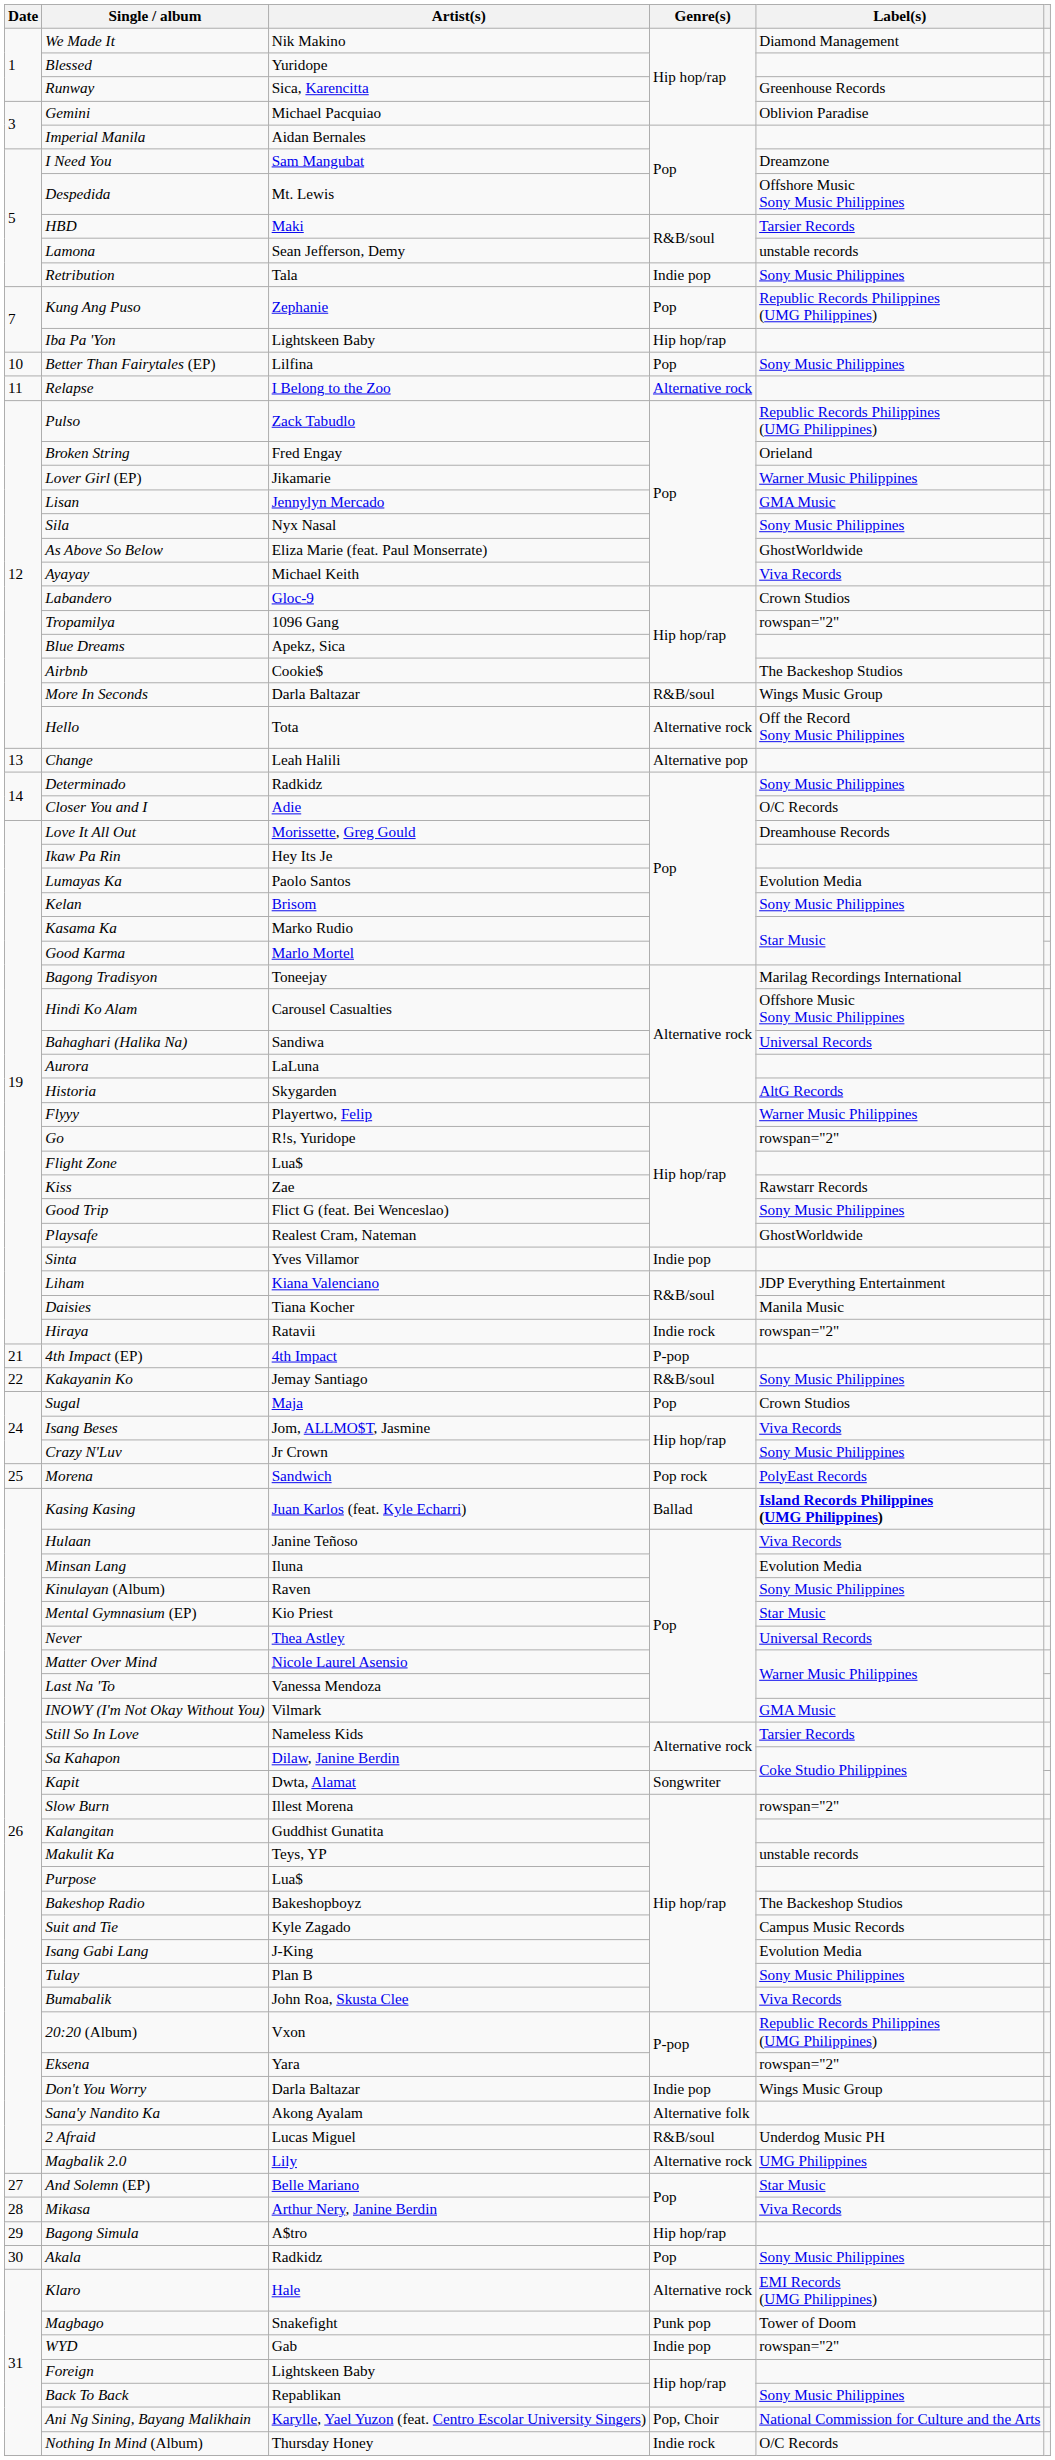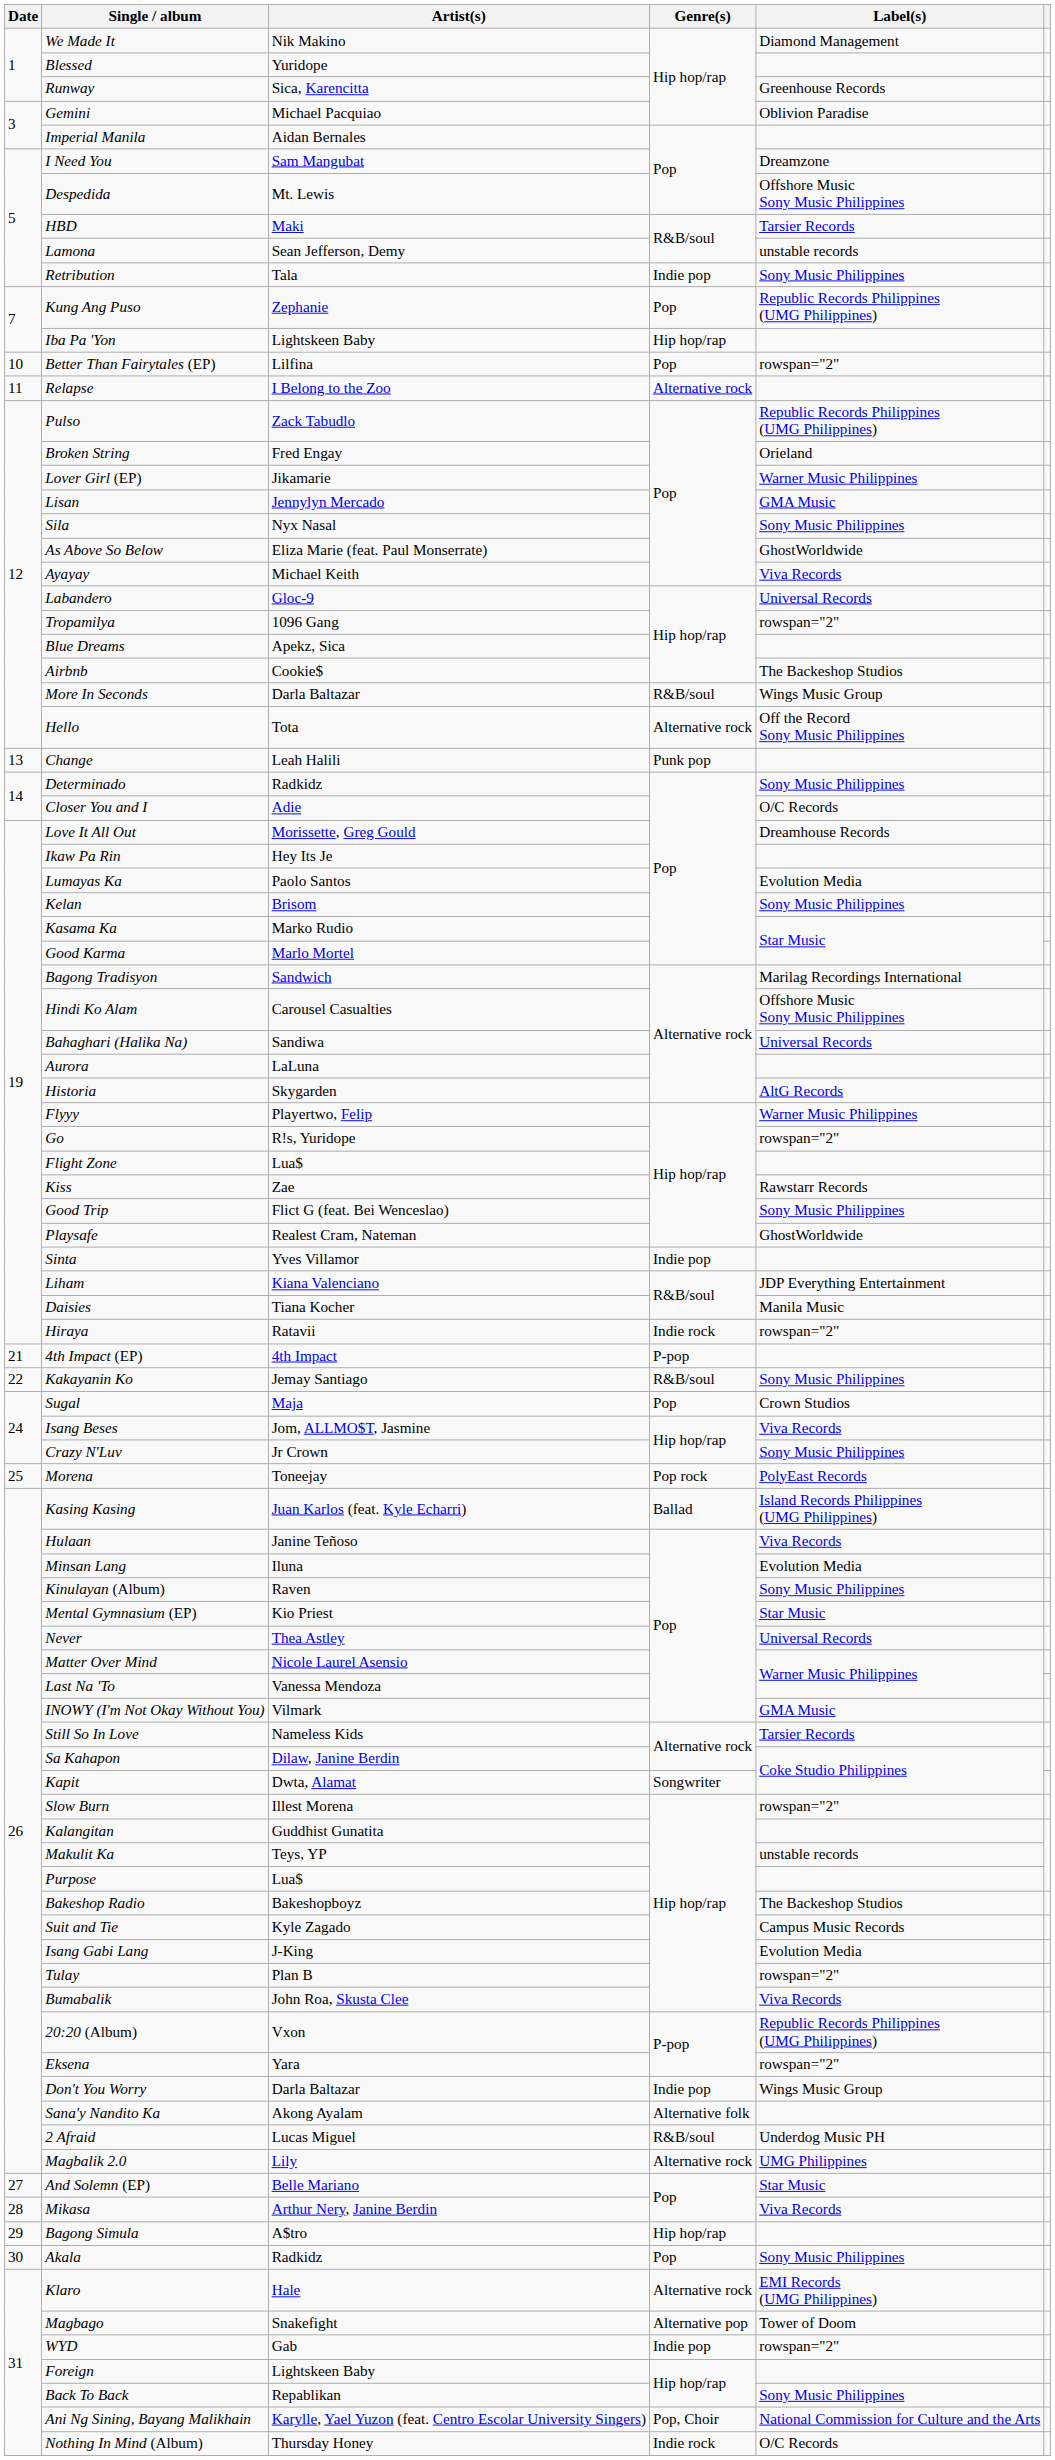 <table class="wikitable">
 <tr>
 <th>Date</th>
 <th>Single / album</th>
 <th>Artist(s)</th>
 <th>Genre(s)</th>
 <th>Label(s)</th>
 <th></th>
 </tr>
 <tr>
 <td rowspan="3">1</td>
 <td><em>We Made It</em></td>
 <td>Nik Makino</td>
 <td rowspan="4">Hip hop/rap</td>
 <td>Diamond Management</td>
 <td></td>
 </tr>
 <tr>
 <td><em>Blessed</em></td>
 <td>Yuridope</td>
 <td></td>
 <td></td>
 </tr>
 <tr>
 <td><em>Runway</em></td>
 <td>Sica, <a href='#'>Karencitta</a></td>
 <td>Greenhouse Records</td>
 <td></td>
 </tr>
 <tr>
 <td rowspan="2">3</td>
 <td><em>Gemini</em></td>
 <td>Michael Pacquiao</td>
 <td>Oblivion Paradise</td>
 <td></td>
 </tr>
 <tr>
 <td><em>Imperial Manila</em></td>
 <td>Aidan Bernales</td>
 <td rowspan="3">Pop</td>
 <td></td>
 <td></td>
 </tr>
 <tr>
 <td rowspan="5">5</td>
 <td><em>I Need You</em></td>
 <td><a href='#'>Sam Mangubat</a></td>
 <td>Dreamzone</td>
 <td></td>
 </tr>
 <tr>
 <td><em>Despedida</em></td>
 <td>Mt. Lewis</td>
 <td>Offshore Music<br><a href='#'>Sony Music Philippines</a></td>
 <td></td>
 </tr>
 <tr>
 <td><em>HBD</em></td>
 <td><a href='#'>Maki</a></td>
 <td rowspan="2">R&B/soul</td>
 <td><a href='#'>Tarsier Records</a></td>
 <td></td>
 </tr>
 <tr>
 <td><em>Lamona</em></td>
 <td>Sean Jefferson, Demy</td>
 <td>unstable records</td>
 <td></td>
 </tr>
 <tr>
 <td><em>Retribution</em></td>
 <td>Tala</td>
 <td>Indie pop</td>
 <td><a href='#'>Sony Music Philippines</a></td>
 <td></td>
 </tr>
 <tr>
 <td rowspan="2">7</td>
 <td><em>Kung Ang Puso</em></td>
 <td><a href='#'>Zephanie</a></td>
 <td>Pop</td>
 <td><a href='#'>Republic Records Philippines</a><br>(<a href='#'>UMG Philippines</a>)</td>
 <td></td>
 </tr>
 <tr>
 <td><em>Iba Pa 'Yon</em></td>
 <td>Lightskeen Baby</td>
 <td>Hip hop/rap</td>
 <td></td>
 <td></td>
 </tr>
 <tr>
 <td>10</td>
 <td><em>Better Than Fairytales</em> (EP)</td>
 <td>Lilfina</td>
 <td>Pop</td>
-<td><a href='#'>Sony Music Philippines</a></td>
+<td>rowspan="2" </td>
 </tr>
 <tr>
 <td>11</td>
 <td><em>Relapse</em></td>
 <td><a href='#'>I Belong to the Zoo</a></td>
 <td><a href='#'>Alternative rock</a></td>
 <td></td>
 <td></td>
 </tr>
 <tr>
 <td rowspan="13">12</td>
 <td><em>Pulso</em></td>
 <td><a href='#'>Zack Tabudlo</a></td>
 <td rowspan="7">Pop</td>
 <td><a href='#'>Republic Records Philippines</a><br>(<a href='#'>UMG Philippines</a>)</td>
 <td></td>
 </tr>
 <tr>
 <td><em>Broken String</em></td>
 <td>Fred Engay</td>
 <td>Orieland</td>
 <td></td>
 </tr>
 <tr>
 <td><em>Lover Girl</em> (EP)</td>
 <td>Jikamarie</td>
 <td><a href='#'>Warner Music Philippines</a></td>
 <td></td>
 </tr>
 <tr>
 <td><em>Lisan</em></td>
 <td><a href='#'>Jennylyn Mercado</a></td>
 <td><a href='#'>GMA Music</a></td>
 <td></td>
 </tr>
 <tr>
 <td><em>Sila</em></td>
 <td>Nyx Nasal</td>
 <td><a href='#'>Sony Music Philippines</a></td>
 <td></td>
 </tr>
 <tr>
 <td><em>As Above So Below</em></td>
 <td>Eliza Marie (feat. Paul Monserrate)</td>
 <td>GhostWorldwide</td>
 <td></td>
 </tr>
 <tr>
 <td><em>Ayayay</em></td>
 <td>Michael Keith</td>
 <td><a href='#'>Viva Records</a></td>
 <td></td>
 </tr>
 <tr>
 <td><em>Labandero</em></td>
 <td><a href='#'>Gloc-9</a></td>
 <td rowspan="4">Hip hop/rap</td>
-<td>Crown Studios</td>
+<td><a href='#'>Universal Records</a></td>
 <td></td>
 </tr>
 <tr>
 <td><em>Tropamilya</em></td>
 <td>1096 Gang</td>
 <td>rowspan="2" </td>
 <td></td>
 </tr>
 <tr>
 <td><em>Blue Dreams</em></td>
 <td>Apekz, Sica</td>
 <td></td>
 </tr>
 <tr>
 <td><em>Airbnb</em></td>
 <td>Cookie$</td>
 <td>The Backeshop Studios</td>
 <td></td>
 </tr>
 <tr>
 <td><em>More In Seconds</em></td>
 <td>Darla Baltazar</td>
 <td>R&B/soul</td>
 <td>Wings Music Group</td>
 <td></td>
 </tr>
 <tr>
 <td><em>Hello</em></td>
 <td>Tota</td>
 <td>Alternative rock</td>
 <td>Off the Record<br><a href='#'>Sony Music Philippines</a></td>
 <td></td>
 </tr>
 <tr>
 <td>13</td>
 <td><em>Change</em></td>
 <td>Leah Halili</td>
-<td>Alternative pop</td>
+<td>Punk pop</td>
 <td></td>
 <td></td>
 </tr>
 <tr>
 <td rowspan="2">14</td>
 <td><em>Determinado</em></td>
 <td>Radkidz</td>
 <td rowspan="8">Pop</td>
 <td><a href='#'>Sony Music Philippines</a></td>
 </tr>
 <tr>
 <td><em>Closer You and I</em></td>
 <td><a href='#'>Adie</a></td>
 <td>O/C Records</td>
 <td></td>
 </tr>
 <tr>
 <td rowspan="21">19</td>
 <td><em>Love It All Out</em></td>
 <td><a href='#'>Morissette</a>, <a href='#'>Greg Gould</a></td>
 <td>Dreamhouse Records</td>
 <td style="text-align:center;"></td>
 </tr>
 <tr>
 <td><em>Ikaw Pa Rin</em></td>
 <td>Hey Its Je</td>
 <td></td>
 <td></td>
 </tr>
 <tr>
 <td><em>Lumayas Ka</em></td>
 <td>Paolo Santos</td>
 <td>Evolution Media</td>
 <td></td>
 </tr>
 <tr>
 <td><em>Kelan</em></td>
 <td><a href='#'>Brisom</a></td>
 <td><a href='#'>Sony Music Philippines</a></td>
 <td></td>
 </tr>
 <tr>
 <td><em>Kasama Ka</em></td>
 <td>Marko Rudio</td>
 <td rowspan="2"><a href='#'>Star Music</a></td>
 <td></td>
 </tr>
 <tr>
 <td><em>Good Karma</em></td>
 <td><a href='#'>Marlo Mortel</a></td>
 <td></td>
 </tr>
 <tr>
 <td><em>Bagong Tradisyon</em></td>
-<td>Toneejay</td>
+<td><a href='#'>Sandwich</a></td>
 <td rowspan="5">Alternative rock</td>
 <td>Marilag Recordings International</td>
 <td></td>
 </tr>
 <tr>
 <td><em>Hindi Ko Alam</em></td>
 <td>Carousel Casualties</td>
 <td>Offshore Music<br><a href='#'>Sony Music Philippines</a></td>
 <td></td>
 </tr>
 <tr>
 <td><em>Bahaghari (Halika Na)</em></td>
 <td>Sandiwa</td>
 <td><a href='#'>Universal Records</a></td>
 <td></td>
 </tr>
 <tr>
 <td><em>Aurora</em></td>
 <td>LaLuna</td>
 <td></td>
 <td></td>
 </tr>
 <tr>
 <td><em>Historia</em></td>
 <td>Skygarden</td>
 <td><a href='#'>AltG Records</a></td>
 <td></td>
 </tr>
 <tr>
 <td><em>Flyyy</em></td>
 <td>Playertwo, <a href='#'>Felip</a></td>
 <td rowspan="6">Hip hop/rap</td>
 <td><a href='#'>Warner Music Philippines</a></td>
 <td></td>
 </tr>
 <tr>
 <td><em>Go</em></td>
 <td>R!s, Yuridope</td>
 <td>rowspan="2" </td>
 <td></td>
 </tr>
 <tr>
 <td><em>Flight Zone</em></td>
 <td>Lua$</td>
 <td></td>
 </tr>
 <tr>
 <td><em>Kiss</em></td>
 <td>Zae</td>
 <td>Rawstarr Records</td>
 <td></td>
 </tr>
 <tr>
 <td><em>Good Trip</em></td>
 <td>Flict G (feat. Bei Wenceslao)</td>
 <td><a href='#'>Sony Music Philippines</a></td>
 <td></td>
 </tr>
 <tr>
 <td><em>Playsafe</em></td>
 <td>Realest Cram, Nateman</td>
 <td>GhostWorldwide</td>
 <td></td>
 </tr>
 <tr>
 <td><em>Sinta</em></td>
 <td>Yves Villamor</td>
 <td>Indie pop</td>
 <td></td>
 <td></td>
 </tr>
 <tr>
 <td><em>Liham</em></td>
 <td><a href='#'>Kiana Valenciano</a></td>
 <td rowspan="2">R&B/soul</td>
 <td>JDP Everything Entertainment</td>
 <td></td>
 </tr>
 <tr>
 <td><em>Daisies</em></td>
 <td>Tiana Kocher</td>
 <td>Manila Music</td>
 <td></td>
 </tr>
 <tr>
 <td><em>Hiraya</em></td>
 <td>Ratavii</td>
 <td>Indie rock</td>
 <td>rowspan="2" </td>
 <td></td>
 </tr>
 <tr>
 <td>21</td>
 <td><em>4th Impact</em> (EP)</td>
 <td><a href='#'>4th Impact</a></td>
 <td>P-pop</td>
 <td></td>
 </tr>
 <tr>
 <td>22</td>
 <td><em>Kakayanin Ko</em></td>
 <td>Jemay Santiago</td>
 <td>R&B/soul</td>
 <td><a href='#'>Sony Music Philippines</a></td>
 <td></td>
 </tr>
 <tr>
 <td rowspan="3">24</td>
 <td><em>Sugal</em></td>
 <td><a href='#'>Maja</a></td>
 <td>Pop</td>
 <td>Crown Studios</td>
 <td></td>
 </tr>
 <tr>
 <td><em>Isang Beses</em></td>
 <td>Jom, <a href='#'>ALLMO$T</a>, Jasmine</td>
 <td rowspan="2">Hip hop/rap</td>
 <td><a href='#'>Viva Records</a></td>
 <td></td>
 </tr>
 <tr>
 <td><em>Crazy N'Luv</em></td>
 <td>Jr Crown</td>
 <td><a href='#'>Sony Music Philippines</a></td>
 <td></td>
 </tr>
 <tr>
 <td>25</td>
 <td><em>Morena</em></td>
-<td><a href='#'>Sandwich</a></td>
+<td>Toneejay</td>
 <td>Pop rock</td>
 <td><a href='#'>PolyEast Records</a></td>
 <td></td>
 </tr>
 <tr>
 <td rowspan="27">26</td>
 <td><em>Kasing Kasing</em></td>
 <td><a href='#'>Juan Karlos</a> (feat. <a href='#'>Kyle Echarri</a>)</td>
 <td>Ballad</td>
-<td><strong><a href='#'>Island Records Philippines</a><br>(<a href='#'>UMG Philippines</a>)</strong></td>
+<td><a href='#'>Island Records Philippines</a><br>(<a href='#'>UMG Philippines</a>)</td>
 <td></td>
 </tr>
 <tr>
 <td><em>Hulaan</em></td>
 <td>Janine Teñoso</td>
 <td rowspan="8">Pop</td>
 <td><a href='#'>Viva Records</a></td>
 <td></td>
 </tr>
 <tr>
 <td><em>Minsan Lang</em></td>
 <td>Iluna</td>
 <td>Evolution Media</td>
 <td></td>
 </tr>
 <tr>
 <td><em>Kinulayan</em> (Album)</td>
 <td>Raven</td>
 <td><a href='#'>Sony Music Philippines</a></td>
 <td></td>
 </tr>
 <tr>
 <td><em>Mental Gymnasium</em> (EP)</td>
 <td>Kio Priest</td>
 <td><a href='#'>Star Music</a></td>
 <td></td>
 </tr>
 <tr>
 <td><em>Never</em></td>
 <td><a href='#'>Thea Astley</a></td>
 <td><a href='#'>Universal Records</a></td>
 <td></td>
 </tr>
 <tr>
 <td><em>Matter Over Mind</em></td>
 <td><a href='#'>Nicole Laurel Asensio</a></td>
 <td rowspan="2"><a href='#'>Warner Music Philippines</a></td>
 <td></td>
 </tr>
 <tr>
 <td><em>Last Na 'To</em></td>
 <td>Vanessa Mendoza</td>
 <td></td>
 </tr>
 <tr>
 <td><em>INOWY (I'm Not Okay Without You)</em></td>
 <td>Vilmark</td>
 <td><a href='#'>GMA Music</a></td>
 <td></td>
 </tr>
 <tr>
 <td><em>Still So In Love</em></td>
 <td>Nameless Kids</td>
 <td rowspan="2">Alternative rock</td>
 <td><a href='#'>Tarsier Records</a></td>
 <td></td>
 </tr>
 <tr>
 <td><em>Sa Kahapon</em></td>
 <td><a href='#'>Dilaw</a>, <a href='#'>Janine Berdin</a></td>
 <td rowspan="2"><a href='#'>Coke Studio Philippines</a></td>
 <td></td>
 </tr>
 <tr>
 <td><em>Kapit</em></td>
 <td>Dwta, <a href='#'>Alamat</a></td>
 <td>Songwriter</td>
 <td></td>
 </tr>
 <tr>
 <td><em>Slow Burn</em></td>
 <td>Illest Morena</td>
 <td rowspan="9">Hip hop/rap</td>
 <td>rowspan="2" </td>
 <td></td>
 </tr>
 <tr>
 <td><em>Kalangitan</em></td>
 <td>Guddhist Gunatita</td>
 <td></td>
 </tr>
 <tr>
 <td><em>Makulit Ka</em></td>
 <td>Teys, YP</td>
 <td>unstable records</td>
 </tr>
 <tr>
 <td><em>Purpose</em></td>
 <td>Lua$</td>
 <td></td>
 </tr>
 <tr>
 <td><em>Bakeshop Radio</em></td>
 <td>Bakeshopboyz</td>
 <td>The Backeshop Studios</td>
 <td></td>
 </tr>
 <tr>
 <td><em>Suit and Tie</em></td>
 <td>Kyle Zagado</td>
 <td>Campus Music Records</td>
 <td></td>
 </tr>
 <tr>
 <td><em>Isang Gabi Lang</em></td>
 <td>J-King</td>
 <td>Evolution Media</td>
 <td></td>
 </tr>
 <tr>
 <td><em>Tulay</em></td>
 <td>Plan B</td>
-<td><a href='#'>Sony Music Philippines</a></td>
+<td>rowspan="2" </td>
 <td></td>
 </tr>
 <tr>
 <td><em>Bumabalik</em></td>
 <td>John Roa, <a href='#'>Skusta Clee</a></td>
 <td><a href='#'>Viva Records</a></td>
 <td></td>
 </tr>
 <tr>
 <td><em>20:20</em> (Album)</td>
 <td>Vxon</td>
 <td rowspan="2">P-pop</td>
 <td><a href='#'>Republic Records Philippines</a><br>(<a href='#'>UMG Philippines</a>)</td>
 <td></td>
 </tr>
 <tr>
 <td><em>Eksena</em></td>
 <td>Yara</td>
 <td>rowspan="2" </td>
 <td></td>
 </tr>
 <tr>
 <td><em>Don't You Worry</em></td>
 <td>Darla Baltazar</td>
 <td>Indie pop</td>
 <td>Wings Music Group</td>
 <td></td>
 </tr>
 <tr>
 <td><em>Sana'y Nandito Ka</em></td>
 <td>Akong Ayalam</td>
 <td>Alternative folk</td>
 <td></td>
 <td></td>
 </tr>
 <tr>
 <td><em>2 Afraid</em></td>
 <td>Lucas Miguel</td>
 <td>R&B/soul</td>
 <td>Underdog Music PH</td>
 <td></td>
 </tr>
 <tr>
 <td><em>Magbalik 2.0</em></td>
 <td><a href='#'>Lily</a></td>
 <td>Alternative rock</td>
 <td><a href='#'>UMG Philippines</a></td>
 <td></td>
 </tr>
 <tr>
 <td>27</td>
 <td><em>And Solemn</em> (EP)</td>
 <td><a href='#'>Belle Mariano</a></td>
 <td rowspan="2">Pop</td>
 <td><a href='#'>Star Music</a></td>
 <td></td>
 </tr>
 <tr>
 <td>28</td>
 <td><em>Mikasa</em></td>
 <td><a href='#'>Arthur Nery</a>, <a href='#'>Janine Berdin</a></td>
 <td><a href='#'>Viva Records</a></td>
 <td></td>
 </tr>
 <tr>
 <td>29</td>
 <td><em>Bagong Simula</em></td>
 <td>A$tro</td>
 <td>Hip hop/rap</td>
 <td></td>
 <td></td>
 </tr>
 <tr>
 <td>30</td>
 <td><em>Akala</em></td>
 <td>Radkidz</td>
 <td>Pop</td>
 <td><a href='#'>Sony Music Philippines</a></td>
 <td></td>
 </tr>
 <tr>
 <td rowspan="7">31</td>
 <td><em>Klaro</em></td>
 <td><a href='#'>Hale</a></td>
 <td>Alternative rock</td>
 <td><a href='#'>EMI Records</a><br>(<a href='#'>UMG Philippines</a>)</td>
 <td></td>
 </tr>
 <tr>
 <td><em>Magbago</em></td>
 <td>Snakefight</td>
-<td>Punk pop</td>
+<td>Alternative pop</td>
 <td>Tower of Doom</td>
 <td></td>
 </tr>
 <tr>
 <td><em>WYD</em></td>
 <td>Gab</td>
 <td>Indie pop</td>
 <td>rowspan="2" </td>
 <td></td>
 </tr>
 <tr>
 <td><em>Foreign</em></td>
 <td>Lightskeen Baby</td>
 <td rowspan="2">Hip hop/rap</td>
 <td></td>
 </tr>
 <tr>
 <td><em>Back To Back</em></td>
 <td>Repablikan</td>
 <td><a href='#'>Sony Music Philippines</a></td>
 <td></td>
 </tr>
 <tr>
 <td><em>Ani Ng Sining, Bayang Malikhain</em></td>
 <td><a href='#'>Karylle</a>, <a href='#'>Yael Yuzon</a> (feat. <a href='#'>Centro Escolar University Singers</a>)</td>
 <td>Pop, Choir</td>
 <td><a href='#'>National Commission for Culture and the Arts</a></td>
 <td></td>
 </tr>
 <tr>
 <td><em>Nothing In Mind</em> (Album)</td>
 <td>Thursday Honey</td>
 <td>Indie rock</td>
 <td>O/C Records</td>
 <td></td>
 </tr>
 </table>
